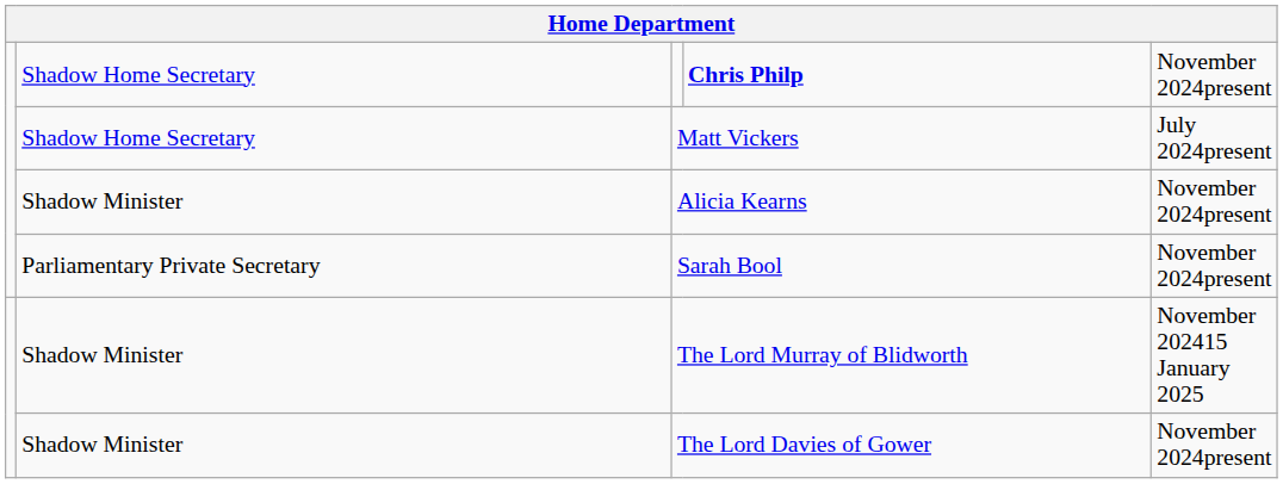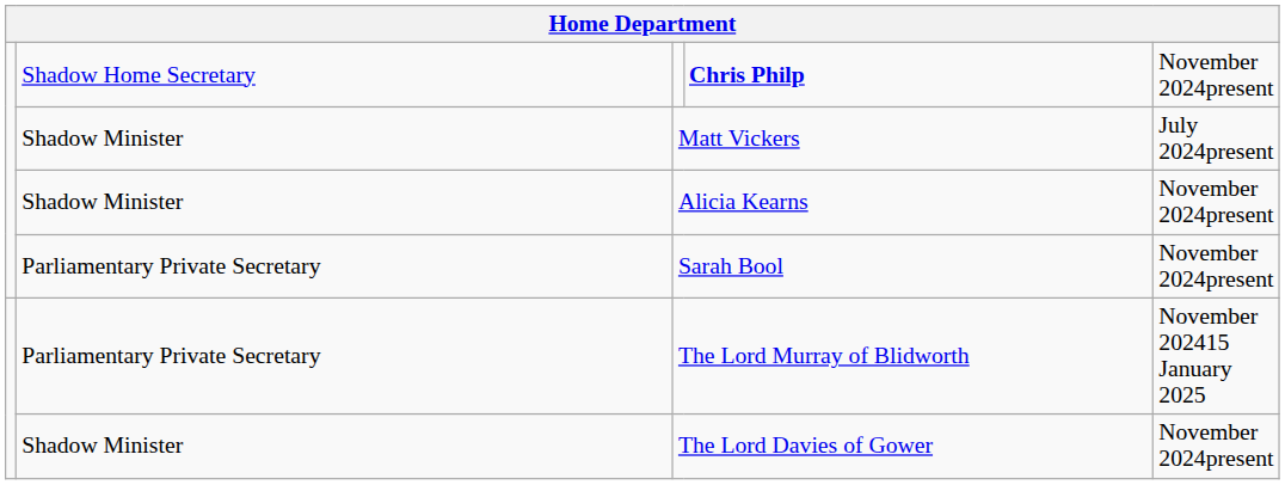 <table class="wikitable">
 <tr>
 <th colspan="5"><a href='#'>Home Department</a></th>
 </tr>
 <tr>
 <td rowspan="4" style="background: "></td>
 <td style="width: 450px;"><a href='#'>Shadow Home Secretary</a></td>
 <td style="background: "></td>
 <td style="width: 320px;"><strong><a href='#'>Chris Philp</a></strong></td>
 <td>November 2024present</td>
 </tr>
 <tr>
-<td style="width: 450px;"><a href='#'>Shadow Home Secretary</a></td>
+<td>Shadow Minister</td>
 <td colspan="2"><a href='#'>Matt Vickers</a></td>
 <td>July 2024present</td>
 </tr>
 <tr>
 <td>Shadow Minister</td>
 <td colspan="2"><a href='#'>Alicia Kearns</a></td>
 <td>November 2024present</td>
 </tr>
 <tr>
 <td>Parliamentary Private Secretary</td>
 <td colspan="2"><a href='#'>Sarah Bool</a></td>
 <td>November 2024present</td>
 </tr>
 <tr>
 <td rowspan=2 style="background: "></td>
-<td>Shadow Minister</td>
+<td>Parliamentary Private Secretary</td>
 <td colspan="2"><a href='#'>The Lord Murray of Blidworth</a></td>
 <td>November 202415 January 2025</td>
 </tr>
 <tr>
 <td>Shadow Minister</td>
 <td colspan="2"><a href='#'>The Lord Davies of Gower</a></td>
 <td>November 2024present</td>
 </tr>
 </table>
